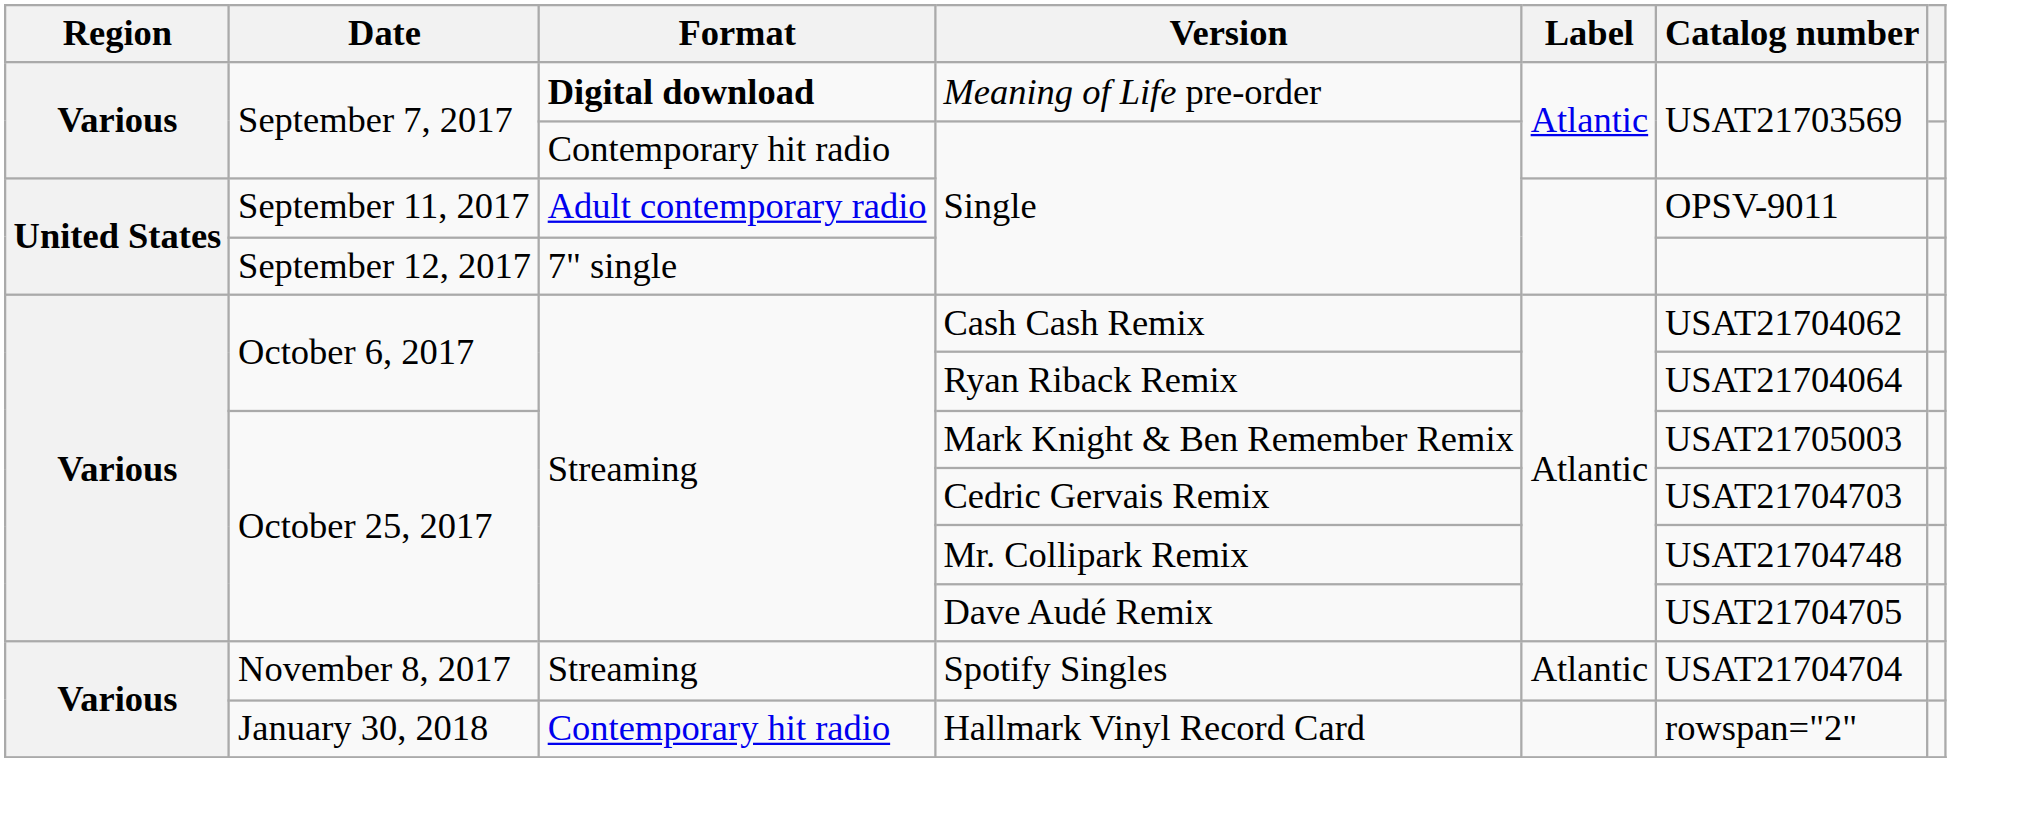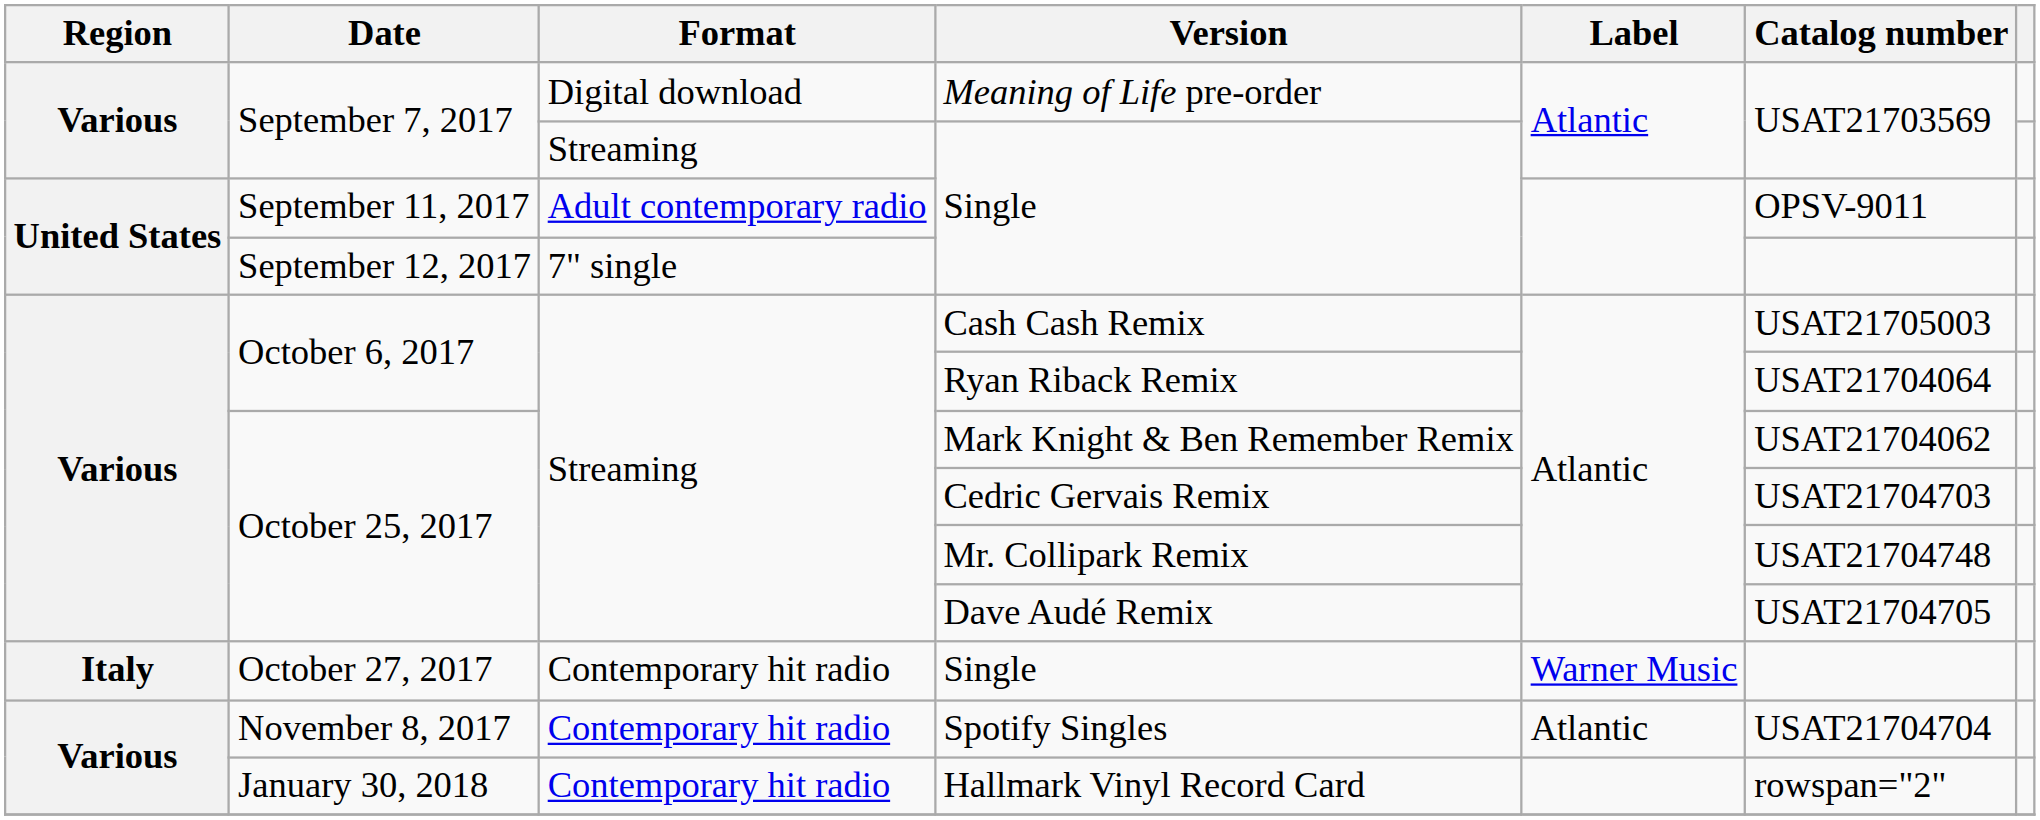 <table class="wikitable plainrowheaders">
 <tr>
 <th scope="col">Region</th>
 <th scope="col">Date</th>
 <th scope="col">Format</th>
 <th scope="col">Version</th>
 <th scope="col">Label</th>
 <th scope="col">Catalog number</th>
 <th scope="col"></th>
 </tr>
 <tr>
 <th scope="row" rowspan="2">Various</th>
 <td rowspan="2">September 7, 2017</td>
-<td><strong>Digital download</strong></td>
+<td>Digital download</td>
 <td><em>Meaning of Life</em> pre-order</td>
 <td rowspan="2"><a href='#'>Atlantic</a></td>
 <td rowspan="2">USAT21703569</td>
 <td style="text-align:center;"></td>
 </tr>
 <tr>
-<td>Contemporary hit radio</td>
+<td>Streaming</td>
 <td rowspan="3">Single</td>
 <td style="text-align:center;"></td>
 </tr>
 <tr>
 <th scope="row" rowspan="2">United States</th>
 <td>September 11, 2017</td>
 <td><a href='#'>Adult contemporary radio</a></td>
 <td rowspan="2"></td>
 <td>OPSV-9011</td>
 <td style="text-align:center;"></td>
 </tr>
 <tr>
 <td>September 12, 2017</td>
 <td>7" single</td>
 <td style="text-align:center;"></td>
 </tr>
 <tr>
 <th scope="row" rowspan="6">Various</th>
 <td rowspan="2">October 6, 2017</td>
 <td rowspan="6">Streaming</td>
 <td>Cash Cash Remix</td>
 <td rowspan="6">Atlantic</td>
-<td>USAT21704062</td>
+<td>USAT21705003</td>
 <td style="text-align:center;"></td>
 </tr>
 <tr>
 <td>Ryan Riback Remix</td>
 <td>USAT21704064</td>
 <td style="text-align:center;"></td>
 </tr>
 <tr>
 <td rowspan="4">October 25, 2017</td>
 <td>Mark Knight & Ben Remember Remix</td>
-<td>USAT21705003</td>
+<td>USAT21704062</td>
 <td style="text-align:center;"></td>
 </tr>
 <tr>
 <td>Cedric Gervais Remix</td>
 <td>USAT21704703</td>
 <td style="text-align:center;"></td>
 </tr>
 <tr>
 <td>Mr. Collipark Remix</td>
 <td>USAT21704748</td>
 <td style="text-align:center;"></td>
 </tr>
 <tr>
 <td>Dave Audé Remix</td>
 <td>USAT21704705</td>
 <td style="text-align:center;"></td>
 </tr>
 <tr>
+<th scope="row">Italy</th>
+<td>October 27, 2017</td>
+<td>Contemporary hit radio</td>
+<td>Single</td>
+<td><a href='#'>Warner Music</a></td>
+<td></td>
+<td style="text-align:center;"></td>
+</tr>
+<tr>
 <th scope="row" rowspan="2">Various</th>
 <td>November 8, 2017</td>
-<td>Streaming</td>
+<td><a href='#'>Contemporary hit radio</a></td>
 <td>Spotify Singles</td>
 <td>Atlantic</td>
 <td>USAT21704704</td>
 <td style="text-align:center;"></td>
 </tr>
 <tr>
 <td>January 30, 2018</td>
 <td><a href='#'>Contemporary hit radio</a></td>
 <td>Hallmark Vinyl Record Card</td>
 <td></td>
 <td>rowspan="2" </td>
 <td style="text-align:center;"></td>
 </tr>
 <tr>
 </tr>
 </table>
